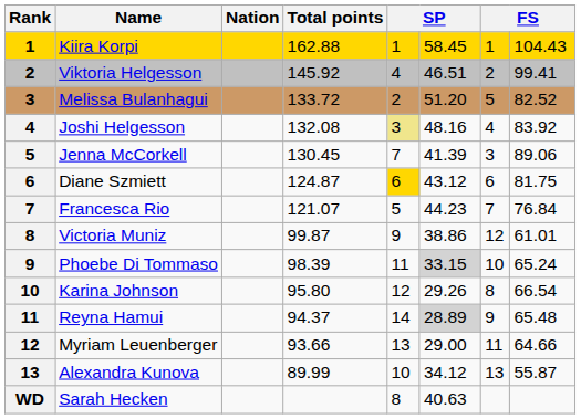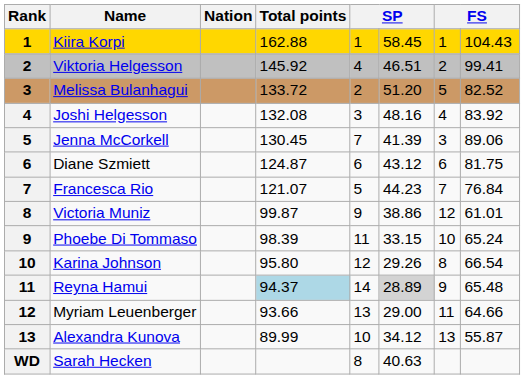 <table class="wikitable">
 <tr>
 <th>Rank</th>
 <th>Name</th>
 <th>Nation</th>
 <th>Total points</th>
 <th colspan="2" width="80px"><a href='#'>SP</a></th>
 <th colspan="2" width="80px"><a href='#'>FS</a></th>
 </tr>
 <tr bgcolor="gold">
 <td align="center"><strong>1</strong></td>
 <td><a href='#'>Kiira Korpi</a></td>
 <td></td>
 <td>162.88</td>
 <td>1</td>
 <td>58.45</td>
 <td>1</td>
 <td>104.43</td>
 </tr>
 <tr bgcolor="silver">
 <td align="center"><strong>2</strong></td>
 <td><a href='#'>Viktoria Helgesson</a></td>
 <td></td>
 <td>145.92</td>
 <td>4</td>
 <td>46.51</td>
 <td>2</td>
 <td>99.41</td>
 </tr>
 <tr bgcolor="cc9966">
 <td align="center"><strong>3</strong></td>
 <td><a href='#'>Melissa Bulanhagui</a></td>
 <td></td>
 <td>133.72</td>
 <td>2</td>
 <td>51.20</td>
 <td>5</td>
 <td>82.52</td>
 </tr>
 <tr>
 <th>4</th>
 <td><a href='#'>Joshi Helgesson</a></td>
 <td></td>
 <td>132.08</td>
-<td style="background: khaki;">3</td>
+<td>3</td>
 <td>48.16</td>
 <td>4</td>
 <td>83.92</td>
 </tr>
 <tr>
 <th>5</th>
 <td><a href='#'>Jenna McCorkell</a></td>
 <td></td>
 <td>130.45</td>
 <td>7</td>
 <td>41.39</td>
 <td>3</td>
 <td>89.06</td>
 </tr>
 <tr>
 <th>6</th>
 <td>Diane Szmiett</td>
 <td></td>
 <td>124.87</td>
-<td style="background: gold;">6</td>
+<td>6</td>
 <td>43.12</td>
 <td>6</td>
 <td>81.75</td>
 </tr>
 <tr>
 <th>7</th>
 <td><a href='#'>Francesca Rio</a></td>
 <td></td>
 <td>121.07</td>
 <td>5</td>
 <td>44.23</td>
 <td>7</td>
 <td>76.84</td>
 </tr>
 <tr>
 <th>8</th>
 <td><a href='#'>Victoria Muniz</a></td>
 <td></td>
 <td>99.87</td>
 <td>9</td>
 <td>38.86</td>
 <td>12</td>
 <td>61.01</td>
 </tr>
 <tr>
 <th>9</th>
 <td><a href='#'>Phoebe Di Tommaso</a></td>
 <td></td>
 <td>98.39</td>
 <td>11</td>
-<td style="background: lightgrey;">33.15</td>
+<td>33.15</td>
 <td>10</td>
 <td>65.24</td>
 </tr>
 <tr>
 <th>10</th>
 <td><a href='#'>Karina Johnson</a></td>
 <td></td>
 <td>95.80</td>
 <td>12</td>
 <td>29.26</td>
 <td>8</td>
 <td>66.54</td>
 </tr>
 <tr>
 <th>11</th>
 <td><a href='#'>Reyna Hamui</a></td>
 <td></td>
-<td>94.37</td>
+<td style="background: lightblue;">94.37</td>
 <td>14</td>
 <td style="background: lightgrey;">28.89</td>
 <td>9</td>
 <td>65.48</td>
 </tr>
 <tr>
 <th>12</th>
 <td>Myriam Leuenberger</td>
 <td></td>
 <td>93.66</td>
 <td>13</td>
 <td>29.00</td>
 <td>11</td>
 <td>64.66</td>
 </tr>
 <tr>
 <th>13</th>
 <td><a href='#'>Alexandra Kunova</a></td>
 <td></td>
 <td>89.99</td>
 <td>10</td>
 <td>34.12</td>
 <td>13</td>
 <td>55.87</td>
 </tr>
 <tr>
 <th>WD</th>
 <td><a href='#'>Sarah Hecken</a></td>
 <td></td>
 <td></td>
 <td>8</td>
 <td>40.63</td>
 <td></td>
 <td></td>
 </tr>
 </table>
